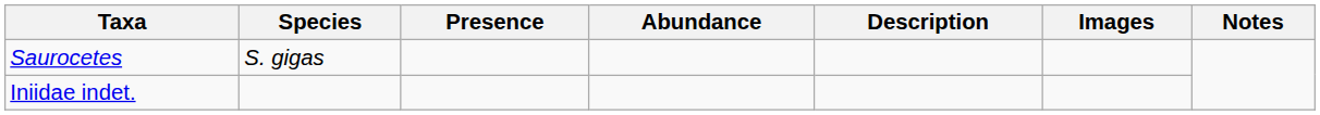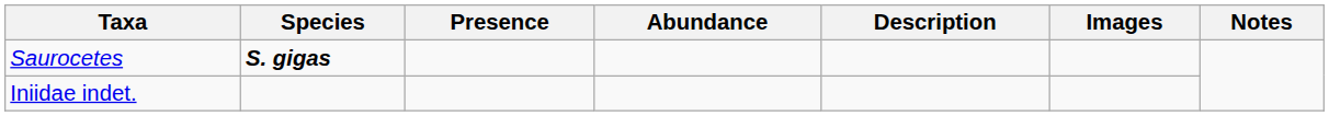 <table class="wikitable sortable" align="center" width="75%">
 <tr>
 <th>Taxa</th>
 <th>Species</th>
 <th>Presence</th>
 <th>Abundance</th>
 <th>Description</th>
 <th>Images</th>
 <th>Notes</th>
 </tr>
 <tr>
 <td><em><a href='#'>Saurocetes</a></em></td>
-<td><em>S. gigas</em></td>
+<td><strong><em>S. gigas</em></strong></td>
 <td></td>
 <td></td>
 <td></td>
 <td></td>
 <td rowspan = 100></td>
 </tr>
 <tr>
 <td><a href='#'>Iniidae indet.</a></td>
 <td></td>
 <td></td>
 <td></td>
 <td></td>
 <td></td>
 </tr>
 </table>
